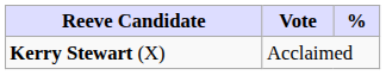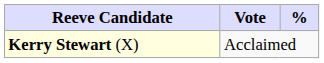 <table class="wikitable">
 <tr>
 <th style="background:#ddf; width:200px;">Reeve Candidate</th>
 <th style="background:#ddf; width:50px;">Vote</th>
 <th style="background:#ddf; width:30px;">%</th>
 </tr>
 <tr>
-<td><strong>Kerry Stewart</strong> (X)</td>
+<td style="background: lightyellow;"><strong>Kerry Stewart</strong> (X)</td>
 <td colspan="2">Acclaimed</td>
 </tr>
 </table>
